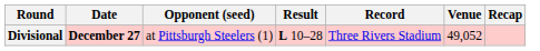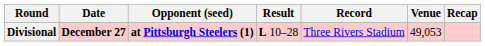 <table class="wikitable" style="text-align:center">
 <tr>
 <th>Round</th>
 <th>Date</th>
 <th>Opponent (seed)</th>
 <th>Result</th>
 <th>Record</th>
 <th>Venue</th>
 <th>Recap</th>
 </tr>
 <tr style="background:#fcc">
 <th>Divisional</th>
 <td><strong>December 27</strong></td>
-<td>at <a href='#'>Pittsburgh Steelers</a> (1)</td>
+<td><strong>at <a href='#'>Pittsburgh Steelers</a> (1)</strong></td>
 <td><strong>L</strong> 10–28</td>
 <td><a href='#'>Three Rivers Stadium</a></td>
-<td>49,052</td>
+<td>49,053</td>
 <td></td>
 </tr>
 </table>
